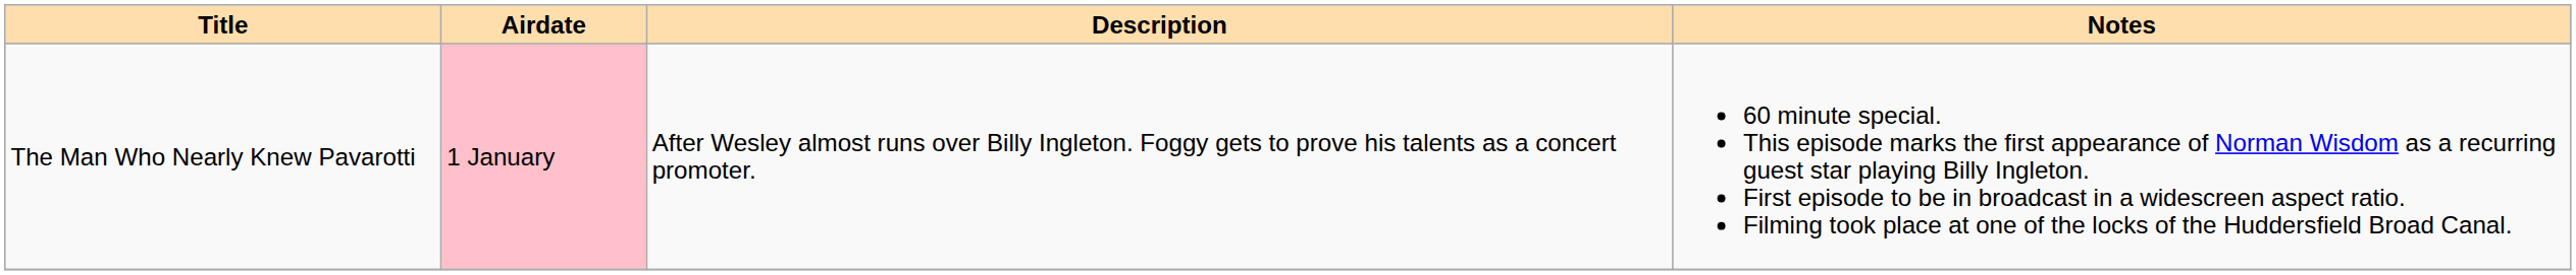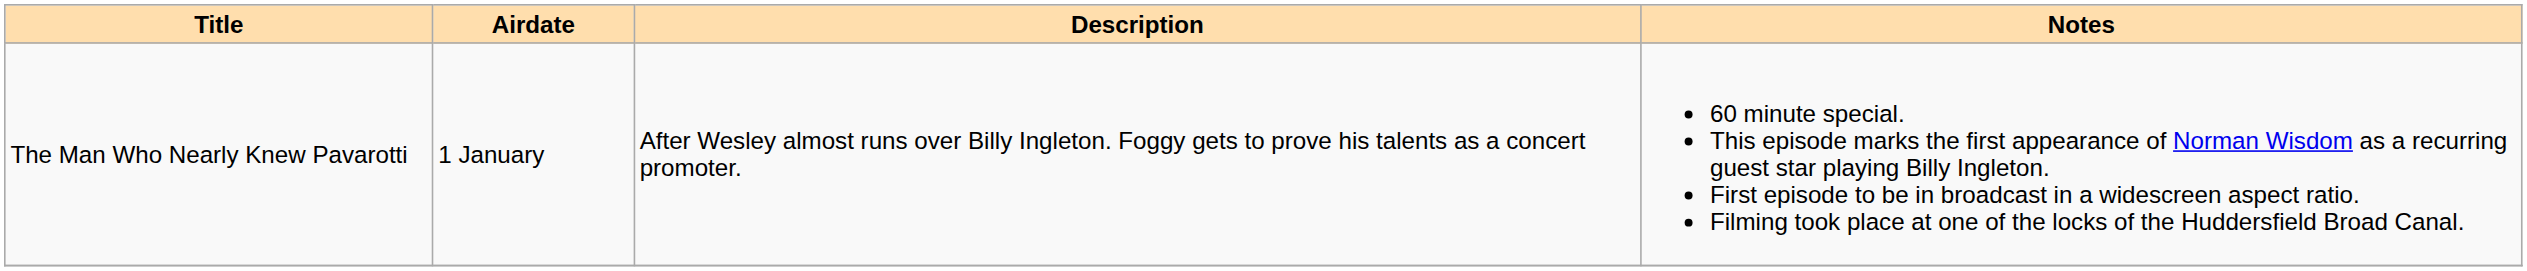 <table class="wikitable" width=100% border=1 style="font-size: 95%">
 <tr>
 <th style="background:#ffdead" width=17%>Title</th>
 <th style="background:#ffdead" width=8%>Airdate</th>
 <th style="background:#ffdead" width=40%>Description</th>
 <th style="background:#ffdead" width=35%>Notes</th>
 </tr>
 <tr>
 <td>The Man Who Nearly Knew Pavarotti</td>
-<td style="background: pink;">1 January</td>
+<td>1 January</td>
 <td>After Wesley almost runs over Billy Ingleton. Foggy gets to prove his talents as a concert promoter.</td>
 <td><br><ul><li>60 minute special.</li><li>This episode marks the first appearance of <a href='#'>Norman Wisdom</a> as a recurring guest star playing Billy Ingleton.</li><li>First episode to be in broadcast in a widescreen aspect ratio.</li><li>Filming took place at one of the locks of the Huddersfield Broad Canal.</li></ul></td>
 </tr>
 <tr>
 </tr>
 </table>
